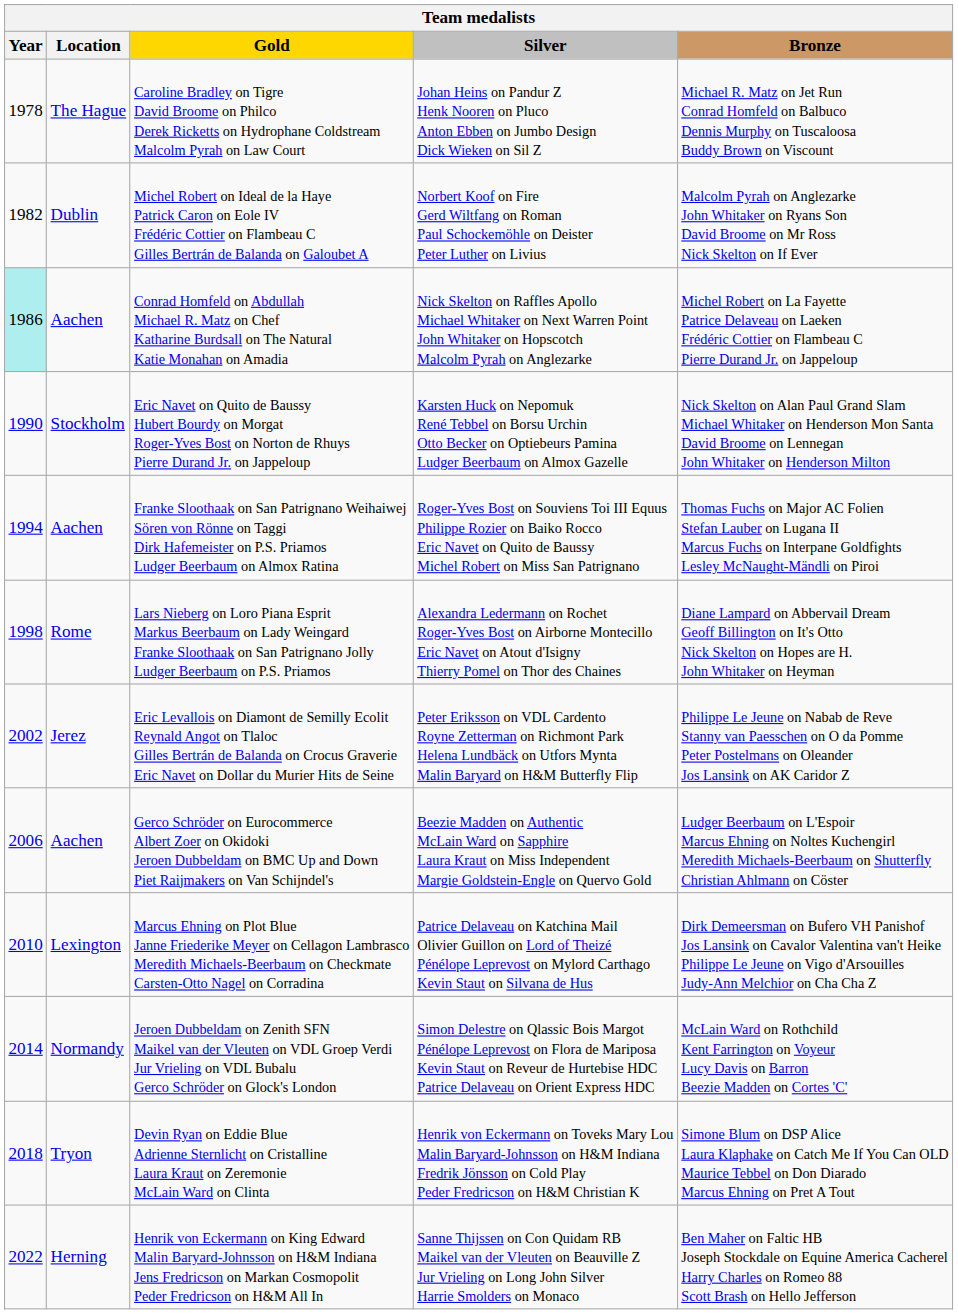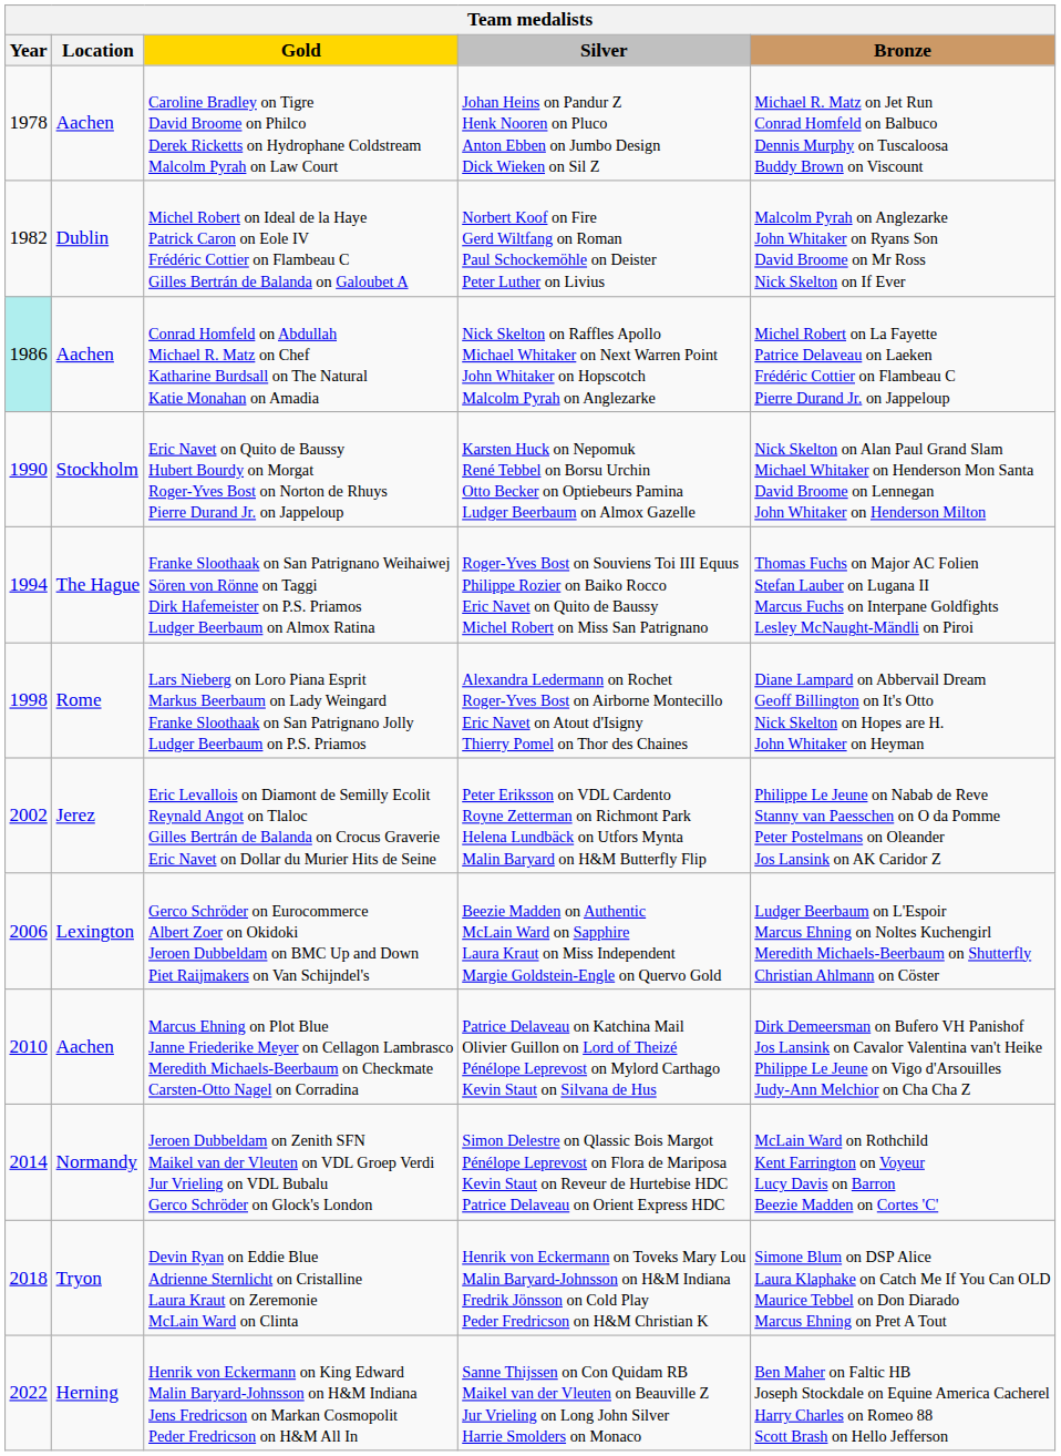 <table class="wikitable">
 <tr>
 <th colspan=6 align="center"><strong>Team medalists</strong></th>
 </tr>
 <tr>
 <th>Year</th>
 <th>Location</th>
 <th style="background-color:gold;">Gold</th>
 <th style="background-color:silver;">Silver</th>
 <th style="background-color:#cc9966;">Bronze</th>
 </tr>
 <tr>
 <td>1978</td>
-<td> <a href='#'>The Hague</a></td>
+<td> <a href='#'>Aachen</a></td>
 <td><br><small><a href='#'>Caroline Bradley</a> on Tigre<br><a href='#'>David Broome</a> on Philco<br><a href='#'>Derek Ricketts</a> on Hydrophane Coldstream<br><a href='#'>Malcolm Pyrah</a> on Law Court</small></td>
 <td><br><small><a href='#'>Johan Heins</a> on Pandur Z<br><a href='#'>Henk Nooren</a> on Pluco<br><a href='#'>Anton Ebben</a> on Jumbo Design<br><a href='#'>Dick Wieken</a> on Sil Z</small></td>
 <td><br><small><a href='#'>Michael R. Matz</a> on Jet Run<br><a href='#'>Conrad Homfeld</a> on Balbuco<br><a href='#'>Dennis Murphy</a> on Tuscaloosa<br><a href='#'>Buddy Brown</a> on Viscount</small></td>
 </tr>
 <tr>
 <td>1982</td>
 <td> <a href='#'>Dublin</a></td>
 <td><br><small><a href='#'>Michel Robert</a> on Ideal de la Haye<br><a href='#'>Patrick Caron</a> on Eole IV<br><a href='#'>Frédéric Cottier</a> on Flambeau C<br><a href='#'>Gilles Bertrán de Balanda</a> on <a href='#'>Galoubet A</a></small></td>
 <td><br><small><a href='#'>Norbert Koof</a> on Fire<br><a href='#'>Gerd Wiltfang</a> on Roman<br><a href='#'>Paul Schockemöhle</a> on Deister<br><a href='#'>Peter Luther</a> on Livius</small></td>
 <td><br><small><a href='#'>Malcolm Pyrah</a> on Anglezarke<br><a href='#'>John Whitaker</a> on Ryans Son<br><a href='#'>David Broome</a> on Mr Ross<br><a href='#'>Nick Skelton</a> on If Ever</small></td>
 </tr>
 <tr>
 <td style="background: paleturquoise;">1986</td>
 <td> <a href='#'>Aachen</a></td>
 <td><br><small><a href='#'>Conrad Homfeld</a> on <a href='#'>Abdullah</a><br><a href='#'>Michael R. Matz</a> on Chef<br><a href='#'>Katharine Burdsall</a> on The Natural<br><a href='#'>Katie Monahan</a> on Amadia</small></td>
 <td><br><small><a href='#'>Nick Skelton</a> on Raffles Apollo<br><a href='#'>Michael Whitaker</a> on Next Warren Point<br><a href='#'>John Whitaker</a> on Hopscotch<br><a href='#'>Malcolm Pyrah</a> on Anglezarke</small></td>
 <td><br><small><a href='#'>Michel Robert</a> on La Fayette<br><a href='#'>Patrice Delaveau</a> on Laeken<br><a href='#'>Frédéric Cottier</a> on Flambeau C<br><a href='#'>Pierre Durand Jr.</a> on Jappeloup</small></td>
 </tr>
 <tr>
 <td><a href='#'>1990</a></td>
 <td> <a href='#'>Stockholm</a></td>
 <td><br><small><a href='#'>Eric Navet</a> on Quito de Baussy<br><a href='#'>Hubert Bourdy</a> on Morgat<br><a href='#'>Roger-Yves Bost</a> on Norton de Rhuys<br><a href='#'>Pierre Durand Jr.</a> on Jappeloup</small></td>
 <td><br><small><a href='#'>Karsten Huck</a> on Nepomuk<br><a href='#'>René Tebbel</a> on Borsu Urchin<br><a href='#'>Otto Becker</a> on Optiebeurs Pamina<br><a href='#'>Ludger Beerbaum</a> on Almox Gazelle</small></td>
 <td><br><small><a href='#'>Nick Skelton</a> on Alan Paul Grand Slam<br><a href='#'>Michael Whitaker</a> on Henderson Mon Santa<br><a href='#'>David Broome</a> on Lennegan<br><a href='#'>John Whitaker</a> on <a href='#'>Henderson Milton</a></small></td>
 </tr>
 <tr>
 <td><a href='#'>1994</a></td>
-<td> <a href='#'>Aachen</a></td>
+<td> <a href='#'>The Hague</a></td>
 <td><br><small><a href='#'>Franke Sloothaak</a> on San Patrignano Weihaiwej<br><a href='#'>Sören von Rönne</a> on Taggi<br><a href='#'>Dirk Hafemeister</a> on P.S. Priamos<br><a href='#'>Ludger Beerbaum</a> on Almox Ratina</small></td>
 <td><br><small><a href='#'>Roger-Yves Bost</a> on Souviens Toi III Equus<br><a href='#'>Philippe Rozier</a> on Baiko Rocco<br><a href='#'>Eric Navet</a> on Quito de Baussy<br><a href='#'>Michel Robert</a> on Miss San Patrignano</small></td>
 <td><br><small><a href='#'>Thomas Fuchs</a> on Major AC Folien<br><a href='#'>Stefan Lauber</a> on Lugana II<br><a href='#'>Marcus Fuchs</a> on Interpane Goldfights<br><a href='#'>Lesley McNaught-Mändli</a> on Piroi</small></td>
 </tr>
 <tr>
 <td><a href='#'>1998</a></td>
 <td> <a href='#'>Rome</a></td>
 <td><br><small><a href='#'>Lars Nieberg</a> on Loro Piana Esprit<br><a href='#'>Markus Beerbaum</a> on Lady Weingard<br><a href='#'>Franke Sloothaak</a> on San Patrignano Jolly<br><a href='#'>Ludger Beerbaum</a> on P.S. Priamos</small></td>
 <td><br><small><a href='#'>Alexandra Ledermann</a> on Rochet<br><a href='#'>Roger-Yves Bost</a> on Airborne Montecillo<br><a href='#'>Eric Navet</a> on Atout d'Isigny<br><a href='#'>Thierry Pomel</a> on Thor des Chaines</small></td>
 <td><br><small><a href='#'>Diane Lampard</a> on Abbervail Dream<br><a href='#'>Geoff Billington</a> on It's Otto<br><a href='#'>Nick Skelton</a> on Hopes are H.<br><a href='#'>John Whitaker</a> on Heyman</small></td>
 </tr>
 <tr>
 <td><a href='#'>2002</a></td>
 <td> <a href='#'>Jerez</a></td>
 <td><br><small><a href='#'>Eric Levallois</a> on Diamont de Semilly Ecolit<br><a href='#'>Reynald Angot</a> on Tlaloc<br><a href='#'>Gilles Bertrán de Balanda</a> on Crocus Graverie<br><a href='#'>Eric Navet</a> on Dollar du Murier Hits de Seine</small></td>
 <td><br><small><a href='#'>Peter Eriksson</a> on VDL Cardento<br><a href='#'>Royne Zetterman</a> on Richmont Park<br><a href='#'>Helena Lundbäck</a> on Utfors Mynta<br><a href='#'>Malin Baryard</a> on H&M Butterfly Flip</small></td>
 <td><br><small><a href='#'>Philippe Le Jeune</a> on Nabab de Reve<br><a href='#'>Stanny van Paesschen</a> on O da Pomme<br><a href='#'>Peter Postelmans</a> on Oleander<br><a href='#'>Jos Lansink</a> on AK Caridor Z</small></td>
 </tr>
 <tr>
 <td><a href='#'>2006</a></td>
-<td> <a href='#'>Aachen</a></td>
+<td> <a href='#'>Lexington</a></td>
 <td><br><small><a href='#'>Gerco Schröder</a> on Eurocommerce<br><a href='#'>Albert Zoer</a> on Okidoki<br><a href='#'>Jeroen Dubbeldam</a> on BMC Up and Down<br><a href='#'>Piet Raijmakers</a> on Van Schijndel's</small></td>
 <td><br><small><a href='#'>Beezie Madden</a> on <a href='#'>Authentic</a><br><a href='#'>McLain Ward</a> on <a href='#'>Sapphire</a><br><a href='#'>Laura Kraut</a> on Miss Independent<br><a href='#'>Margie Goldstein-Engle</a> on Quervo Gold</small></td>
 <td><br><small><a href='#'>Ludger Beerbaum</a> on L'Espoir<br><a href='#'>Marcus Ehning</a> on Noltes Kuchengirl<br><a href='#'>Meredith Michaels-Beerbaum</a> on <a href='#'>Shutterfly</a><br><a href='#'>Christian Ahlmann</a> on Cöster</small></td>
 </tr>
 <tr>
 <td><a href='#'>2010</a></td>
-<td> <a href='#'>Lexington</a></td>
+<td> <a href='#'>Aachen</a></td>
 <td><br><small><a href='#'>Marcus Ehning</a> on Plot Blue<br><a href='#'>Janne Friederike Meyer</a> on Cellagon Lambrasco<br><a href='#'>Meredith Michaels-Beerbaum</a> on Checkmate<br><a href='#'>Carsten-Otto Nagel</a> on Corradina</small></td>
 <td><br><small><a href='#'>Patrice Delaveau</a> on Katchina Mail<br>Olivier Guillon on <a href='#'>Lord of Theizé</a><br><a href='#'>Pénélope Leprevost</a> on Mylord Carthago<br><a href='#'>Kevin Staut</a> on <a href='#'>Silvana de Hus</a></small></td>
 <td><br><small><a href='#'>Dirk Demeersman</a> on Bufero VH Panishof<br><a href='#'>Jos Lansink</a> on Cavalor Valentina van't Heike<br><a href='#'>Philippe Le Jeune</a> on Vigo d'Arsouilles<br><a href='#'>Judy-Ann Melchior</a> on Cha Cha Z</small></td>
 </tr>
 <tr>
 <td><a href='#'>2014</a></td>
 <td> <a href='#'>Normandy</a></td>
 <td><br><small><a href='#'>Jeroen Dubbeldam</a> on Zenith SFN<br><a href='#'>Maikel van der Vleuten</a> on VDL Groep Verdi<br><a href='#'>Jur Vrieling</a> on VDL Bubalu<br><a href='#'>Gerco Schröder</a> on Glock's London</small></td>
 <td><br><small><a href='#'>Simon Delestre</a> on Qlassic Bois Margot<br><a href='#'>Pénélope Leprevost</a> on Flora de Mariposa<br><a href='#'>Kevin Staut</a> on Reveur de Hurtebise HDC<br><a href='#'>Patrice Delaveau</a> on Orient Express HDC</small></td>
 <td><br><small><a href='#'>McLain Ward</a> on Rothchild<br><a href='#'>Kent Farrington</a> on <a href='#'>Voyeur</a><br><a href='#'>Lucy Davis</a> on <a href='#'>Barron</a><br><a href='#'>Beezie Madden</a> on <a href='#'>Cortes 'C'</a></small></td>
 </tr>
 <tr>
 <td><a href='#'>2018</a></td>
 <td> <a href='#'>Tryon</a></td>
 <td><br><small><a href='#'>Devin Ryan</a> on Eddie Blue<br><a href='#'>Adrienne Sternlicht</a> on Cristalline<br><a href='#'>Laura Kraut</a> on Zeremonie<br><a href='#'>McLain Ward</a> on Clinta</small></td>
 <td><br><small><a href='#'>Henrik von Eckermann</a> on Toveks Mary Lou<br><a href='#'>Malin Baryard-Johnsson</a> on H&M Indiana<br><a href='#'>Fredrik Jönsson</a> on Cold Play<br><a href='#'>Peder Fredricson</a> on H&M Christian K</small></td>
 <td><br><small><a href='#'>Simone Blum</a> on DSP Alice<br><a href='#'>Laura Klaphake</a> on Catch Me If You Can OLD<br><a href='#'>Maurice Tebbel</a> on Don Diarado<br><a href='#'>Marcus Ehning</a> on Pret A Tout</small></td>
 </tr>
 <tr>
 <td><a href='#'>2022</a></td>
 <td> <a href='#'>Herning</a></td>
 <td><br><small><a href='#'>Henrik von Eckermann</a> on King Edward<br><a href='#'>Malin Baryard-Johnsson</a> on H&M Indiana<br><a href='#'>Jens Fredricson</a> on Markan Cosmopolit<br><a href='#'>Peder Fredricson</a> on H&M All In</small></td>
 <td><br><small><a href='#'>Sanne Thijssen</a> on Con Quidam RB<br><a href='#'>Maikel van der Vleuten</a> on Beauville Z<br><a href='#'>Jur Vrieling</a> on Long John Silver<br><a href='#'>Harrie Smolders</a> on Monaco</small></td>
 <td><br><small><a href='#'>Ben Maher</a> on Faltic HB<br>Joseph Stockdale on Equine America Cacherel<br><a href='#'>Harry Charles</a> on Romeo 88<br><a href='#'>Scott Brash</a> on Hello Jefferson</small></td>
 </tr>
 </table>
